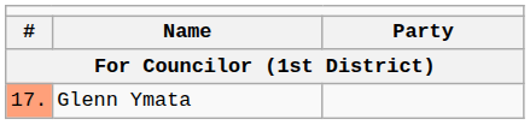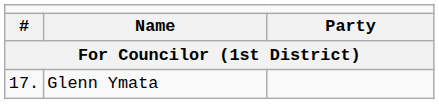 <table class=wikitable style="font-size:90%">
 <tr>
 <td colspan=5 bgcolor=></td>
 </tr>
 <tr>
 <th>#</th>
 <th width=150px>Name</th>
 <th colspan=2 width=110px>Party</th>
 </tr>
 <tr>
 <th colspan=5>For Councilor (1st District)</th>
 </tr>
 <tr>
-<td style="background: lightsalmon;">17.</td>
+<td>17.</td>
 <td>Glenn Ymata</td>
 <td></td>
 </tr>
 </table>
